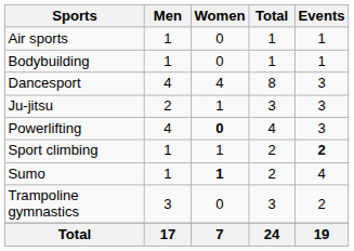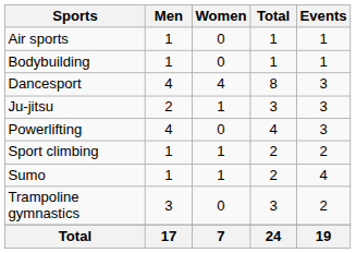 <table class="wikitable sortable" style="text-align:center;">
 <tr>
 <th width=150>Sports</th>
 <th width=45>Men</th>
 <th width=45>Women</th>
 <th width=45>Total</th>
 <th width=45>Events</th>
 </tr>
 <tr>
 <td align=left>Air sports</td>
 <td>1</td>
 <td>0</td>
 <td>1</td>
 <td>1</td>
 </tr>
 <tr>
 <td align=left>Bodybuilding</td>
 <td>1</td>
 <td>0</td>
 <td>1</td>
 <td>1</td>
 </tr>
 <tr>
 <td align=left>Dancesport</td>
 <td>4</td>
 <td>4</td>
 <td>8</td>
 <td>3</td>
 </tr>
 <tr>
 <td align=left>Ju-jitsu</td>
 <td>2</td>
 <td>1</td>
 <td>3</td>
 <td>3</td>
 </tr>
 <tr>
 <td align=left>Powerlifting</td>
 <td>4</td>
-<td><strong>0</strong></td>
+<td>0</td>
 <td>4</td>
 <td>3</td>
 </tr>
 <tr>
 <td align=left>Sport climbing</td>
 <td>1</td>
 <td>1</td>
 <td>2</td>
-<td><strong>2</strong></td>
+<td>2</td>
 </tr>
 <tr>
 <td align=left>Sumo</td>
 <td>1</td>
-<td><strong>1</strong></td>
+<td>1</td>
 <td>2</td>
 <td>4</td>
 </tr>
 <tr>
 <td align=left>Trampoline gymnastics</td>
 <td>3</td>
 <td>0</td>
 <td>3</td>
 <td>2</td>
 </tr>
 <tr>
 </tr>
 <tr class="sortbottom">
 <th>Total</th>
 <th>17</th>
 <th>7</th>
 <th>24</th>
 <th>19</th>
 </tr>
 </table>
